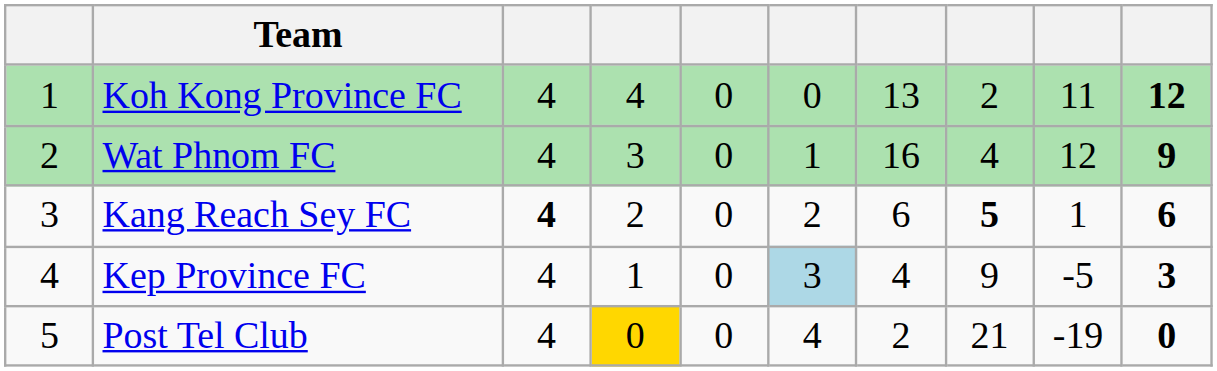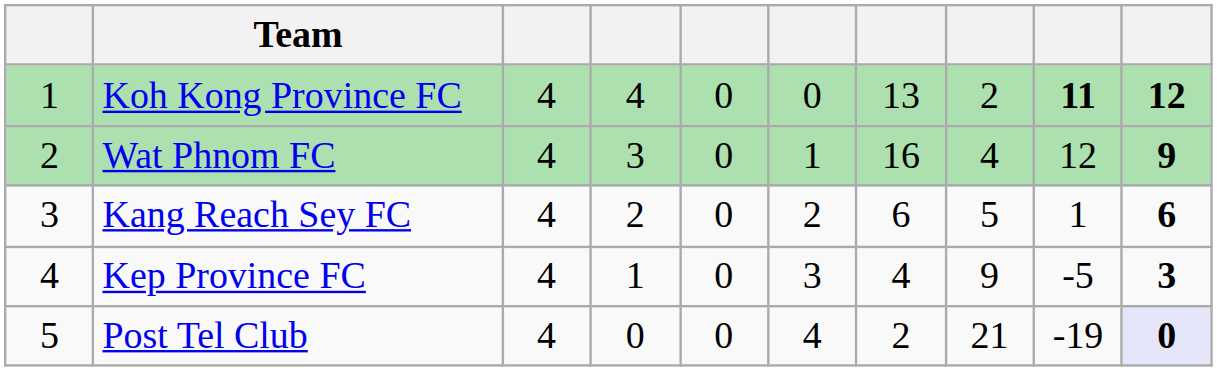 <table class="wikitable" style="text-align: center;">
 <tr>
 <th width=30></th>
 <th width=165>Team</th>
 <th width=30></th>
 <th width=30></th>
 <th width=30></th>
 <th width=30></th>
 <th width=30></th>
 <th width=30></th>
 <th width=30></th>
 <th width=30></th>
 </tr>
 <tr style="background:#ace1af;">
 <td>1</td>
 <td align=left><a href='#'>Koh Kong Province FC</a></td>
 <td>4</td>
 <td>4</td>
 <td>0</td>
 <td>0</td>
 <td>13</td>
 <td>2</td>
-<td>11</td>
+<td><strong>11</strong></td>
 <td><strong>12</strong></td>
 </tr>
 <tr style="background:#ace1af;">
 <td>2</td>
 <td align=left><a href='#'>Wat Phnom FC</a></td>
 <td>4</td>
 <td>3</td>
 <td>0</td>
 <td>1</td>
 <td>16</td>
 <td>4</td>
 <td>12</td>
 <td><strong>9</strong></td>
 </tr>
 <tr>
 <td>3</td>
 <td align=left><a href='#'>Kang Reach Sey FC</a></td>
-<td><strong>4</strong></td>
+<td>4</td>
 <td>2</td>
 <td>0</td>
 <td>2</td>
 <td>6</td>
-<td><strong>5</strong></td>
+<td>5</td>
 <td>1</td>
 <td><strong>6</strong></td>
 </tr>
 <tr>
 <td>4</td>
 <td align=left><a href='#'>Kep Province FC</a></td>
 <td>4</td>
 <td>1</td>
 <td>0</td>
-<td style="background: lightblue;">3</td>
+<td>3</td>
 <td>4</td>
 <td>9</td>
 <td>-5</td>
 <td><strong>3</strong></td>
 </tr>
 <tr>
 <td>5</td>
 <td align=left><a href='#'>Post Tel Club</a></td>
 <td>4</td>
-<td style="background: gold;">0</td>
+<td>0</td>
 <td>0</td>
 <td>4</td>
 <td>2</td>
 <td>21</td>
 <td>-19</td>
-<td><strong>0</strong></td>
+<td style="background: lavender;"><strong>0</strong></td>
 </tr>
 </table>
